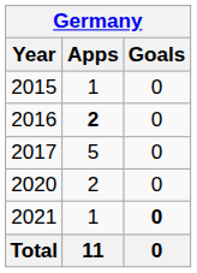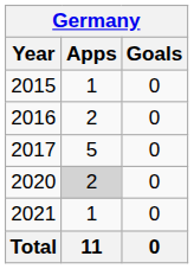 <table class="wikitable" style="text-align:center">
 <tr>
 <th colspan=3><a href='#'>Germany</a></th>
 </tr>
 <tr>
 <th>Year</th>
 <th>Apps</th>
 <th>Goals</th>
 </tr>
 <tr>
 <td>2015</td>
 <td>1</td>
 <td>0</td>
 </tr>
 <tr>
 <td>2016</td>
-<td><strong>2</strong></td>
+<td>2</td>
 <td>0</td>
 </tr>
 <tr>
 <td>2017</td>
 <td>5</td>
 <td>0</td>
 </tr>
 <tr>
 <td>2020</td>
-<td>2</td>
+<td style="background: lightgrey;">2</td>
 <td>0</td>
 </tr>
 <tr>
 <td>2021</td>
 <td>1</td>
-<td><strong>0</strong></td>
+<td>0</td>
 </tr>
 <tr>
 <th>Total</th>
 <th>11</th>
 <th>0</th>
 </tr>
 </table>
